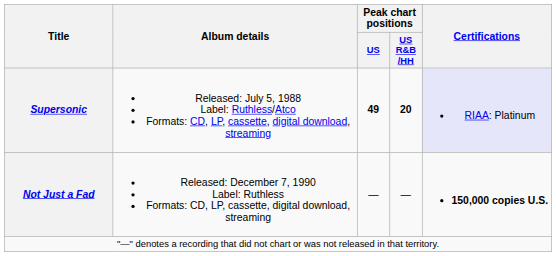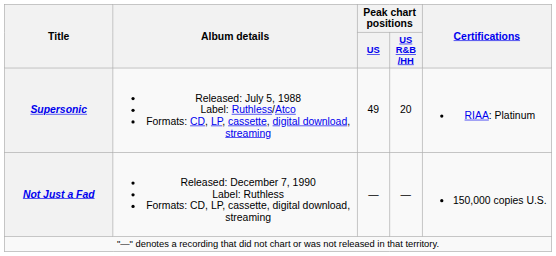 <table class="wikitable plainrowheaders" style="text-align:center;" border="1">
 <tr>
 <th scope="col" rowspan="2" style="width:10em;">Title</th>
 <th scope="col" rowspan="2" style="width:23em;">Album details</th>
 <th scope="col" colspan="2">Peak chart positions</th>
 <th scope="col" rowspan="2" style="width:12em;"><a href='#'>Certifications</a></th>
 </tr>
 <tr>
 <th scope="col" style="width:3em;font-size:90%;"><a href='#'>US</a><br></th>
 <th scope="col" style="width:3em;font-size:90%;"><a href='#'>US<br>R&B<br>/HH</a><br></th>
 </tr>
 <tr>
 <th scope="row"><em><a href='#'>Supersonic</a></em></th>
 <td><br><ul><li>Released: July 5, 1988</li><li>Label: <a href='#'>Ruthless</a>/<a href='#'>Atco</a></li><li>Formats: <a href='#'>CD</a>, <a href='#'>LP</a>, <a href='#'>cassette</a>, <a href='#'>digital download</a>, <a href='#'>streaming</a></li></ul></td>
-<td style="text-align:center;"><strong>49</strong></td>
-<td style="text-align:center;"><strong>20</strong></td>
-<td style="background: lavender;"><br><ul><li><a href='#'>RIAA</a>: Platinum</li></ul></td>
+<td style="text-align:center;">49</td>
+<td style="text-align:center;">20</td>
+<td><br><ul><li><a href='#'>RIAA</a>: Platinum</li></ul></td>
 </tr>
 <tr>
 <th scope="row"><em><a href='#'>Not Just a Fad</a></em></th>
 <td><br><ul><li>Released: December 7, 1990</li><li>Label: Ruthless</li><li>Formats: CD, LP, cassette, digital download, streaming</li></ul></td>
 <td style="text-align:center;">—</td>
 <td style="text-align:center;">—</td>
-<td><strong><br><ul><li>150,000 copies U.S.</li></ul></strong></td>
+<td><br><ul><li>150,000 copies U.S.</li></ul></td>
 </tr>
 <tr>
 <td colspan="15" style="font-size:90%">"—" denotes a recording that did not chart or was not released in that territory.</td>
 </tr>
 </table>
